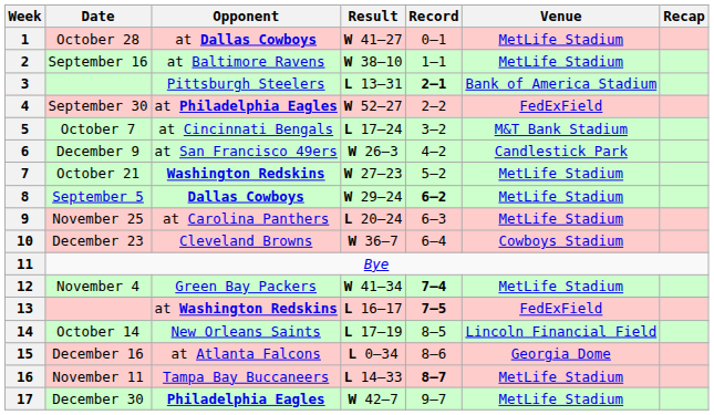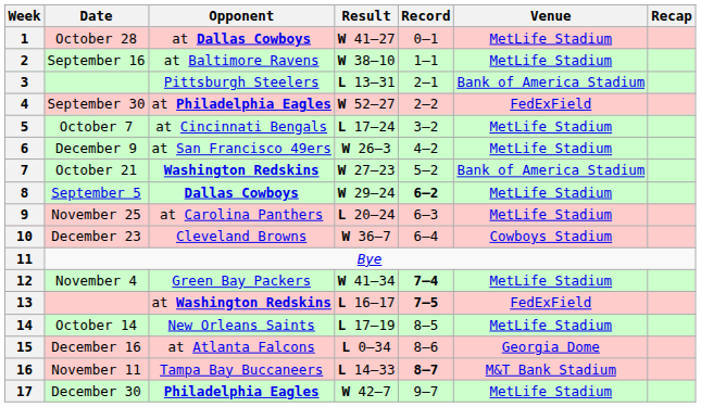 <table class="wikitable" style="text-align:center">
 <tr>
 <th>Week</th>
 <th>Date</th>
 <th>Opponent</th>
 <th>Result</th>
 <th>Record</th>
 <th>Venue</th>
 <th>Recap</th>
 </tr>
 <tr style="background:#fcc">
 <th>1</th>
 <td>October 28</td>
 <td>at <strong><a href='#'>Dallas Cowboys</a></strong></td>
 <td><strong>W</strong> 41–27</td>
 <td>0–1</td>
 <td><a href='#'>MetLife Stadium</a></td>
 <td></td>
 </tr>
 <tr style="background:#cfc">
 <th>2</th>
 <td>September 16</td>
 <td>at <a href='#'>Baltimore Ravens</a></td>
 <td><strong>W</strong> 38–10</td>
 <td>1–1</td>
 <td><a href='#'>MetLife Stadium</a></td>
 <td></td>
 </tr>
 <tr style="background:#cfc">
 <th>3</th>
 <td></td>
 <td><a href='#'>Pittsburgh Steelers</a></td>
 <td><strong>L</strong> 13–31</td>
-<td><strong>2–1</strong></td>
+<td>2–1</td>
 <td><a href='#'>Bank of America Stadium</a></td>
 <td></td>
 </tr>
 <tr style="background:#fcc">
 <th>4</th>
 <td>September 30</td>
 <td>at <strong><a href='#'>Philadelphia Eagles</a></strong></td>
 <td><strong>W</strong> 52–27</td>
 <td>2–2</td>
 <td><a href='#'>FedExField</a></td>
 <td></td>
 </tr>
 <tr style="background:#cfc">
 <th>5</th>
 <td>October 7</td>
 <td>at <a href='#'>Cincinnati Bengals</a></td>
 <td><strong>L</strong> 17–24</td>
 <td>3–2</td>
-<td><a href='#'>M&T Bank Stadium</a></td>
+<td><a href='#'>MetLife Stadium</a></td>
 <td></td>
 </tr>
 <tr style="background:#cfc">
 <th>6</th>
 <td>December 9</td>
 <td>at <a href='#'>San Francisco 49ers</a></td>
 <td><strong>W</strong> 26–3</td>
 <td>4–2</td>
-<td><a href='#'>Candlestick Park</a></td>
+<td><a href='#'>MetLife Stadium</a></td>
 <td></td>
 </tr>
 <tr style="background:#cfc">
 <th>7</th>
 <td>October 21</td>
 <td><strong><a href='#'>Washington Redskins</a></strong></td>
 <td><strong>W</strong> 27–23</td>
 <td>5–2</td>
-<td><a href='#'>MetLife Stadium</a></td>
+<td><a href='#'>Bank of America Stadium</a></td>
 <td></td>
 </tr>
 <tr style="background:#cfc">
 <th>8</th>
 <td><a href='#'>September 5</a></td>
 <td><strong><a href='#'>Dallas Cowboys</a></strong></td>
 <td><strong>W</strong> 29–24</td>
 <td><strong>6–2</strong></td>
 <td><a href='#'>MetLife Stadium</a></td>
 <td></td>
 </tr>
 <tr style="background:#fcc">
 <th>9</th>
 <td>November 25</td>
 <td>at <a href='#'>Carolina Panthers</a></td>
 <td><strong>L</strong> 20–24</td>
 <td>6–3</td>
 <td><a href='#'>MetLife Stadium</a></td>
 <td></td>
 </tr>
 <tr style="background:#fcc">
 <th>10</th>
 <td>December 23</td>
 <td><a href='#'>Cleveland Browns</a></td>
 <td><strong>W</strong> 36–7</td>
 <td>6–4</td>
 <td><a href='#'>Cowboys Stadium</a></td>
 <td></td>
 </tr>
 <tr>
 <th>11</th>
 <td colspan="6"><em><a href='#'>Bye</a></em></td>
 </tr>
 <tr style="background:#cfc">
 <th>12</th>
 <td>November 4</td>
 <td><a href='#'>Green Bay Packers</a></td>
 <td><strong>W</strong> 41–34</td>
 <td><strong>7–4</strong></td>
 <td><a href='#'>MetLife Stadium</a></td>
 <td></td>
 </tr>
 <tr style="background:#fcc">
 <th>13</th>
 <td></td>
 <td>at <strong><a href='#'>Washington Redskins</a></strong></td>
 <td><strong>L</strong> 16–17</td>
 <td><strong>7–5</strong></td>
 <td><a href='#'>FedExField</a></td>
 <td></td>
 </tr>
 <tr style="background:#cfc">
 <th>14</th>
 <td>October 14</td>
 <td><a href='#'>New Orleans Saints</a></td>
 <td><strong>L</strong> 17–19</td>
 <td>8–5</td>
-<td><a href='#'>Lincoln Financial Field</a></td>
+<td><a href='#'>MetLife Stadium</a></td>
 <td></td>
 </tr>
 <tr style="background:#fcc">
 <th>15</th>
 <td>December 16</td>
 <td>at <a href='#'>Atlanta Falcons</a></td>
 <td><strong>L</strong> 0–34</td>
 <td>8–6</td>
 <td><a href='#'>Georgia Dome</a></td>
 <td></td>
 </tr>
 <tr style="background:#fcc">
 <th>16</th>
 <td>November 11</td>
 <td><a href='#'>Tampa Bay Buccaneers</a></td>
 <td><strong>L</strong> 14–33</td>
 <td><strong>8–7</strong></td>
-<td><a href='#'>MetLife Stadium</a></td>
+<td><a href='#'>M&T Bank Stadium</a></td>
 <td></td>
 </tr>
 <tr style="background:#cfc">
 <th>17</th>
 <td>December 30</td>
 <td><strong><a href='#'>Philadelphia Eagles</a></strong></td>
 <td><strong>W</strong> 42–7</td>
 <td>9–7</td>
 <td><a href='#'>MetLife Stadium</a></td>
 <td></td>
 </tr>
 </table>
